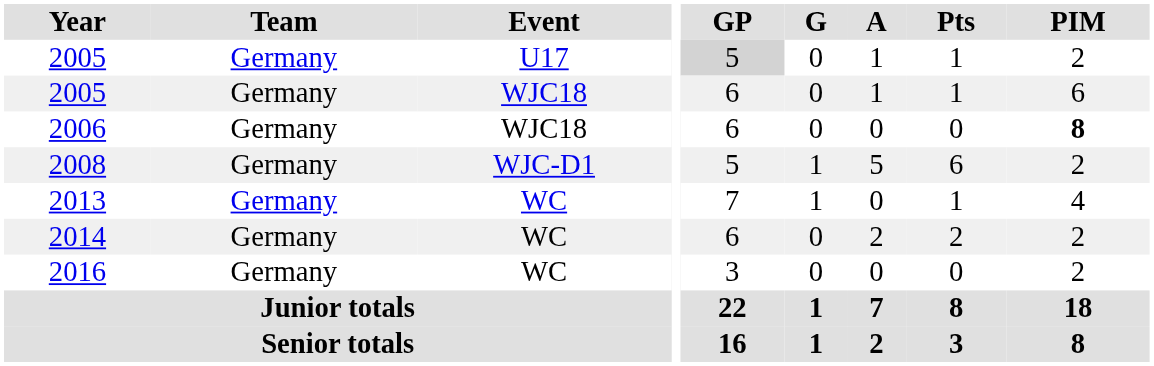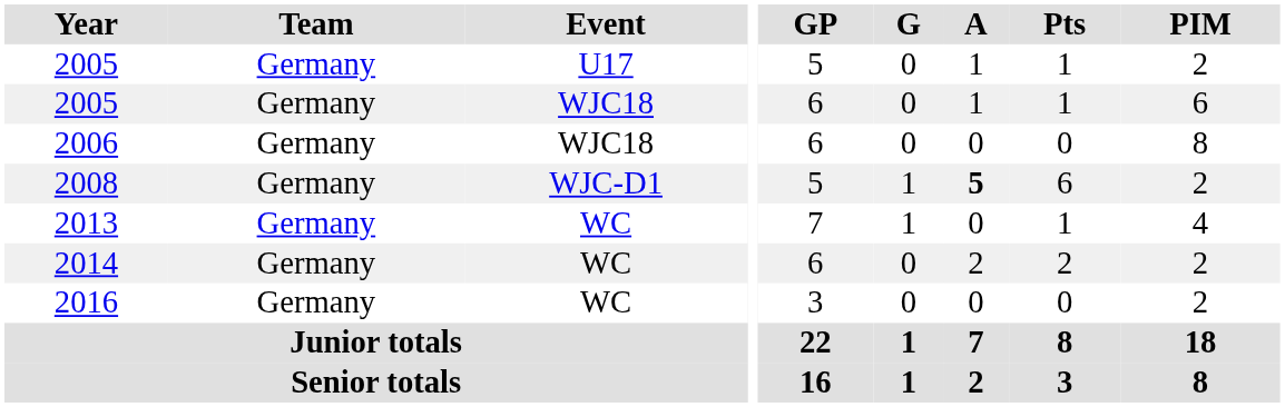 <table border="0" cellpadding="1" cellspacing="0" ID="Table3" style="text-align:center; width:40em">
 <tr ALIGN="center" bgcolor="#e0e0e0">
 <th>Year</th>
 <th>Team</th>
 <th>Event</th>
 <th rowspan="99" bgcolor="#ffffff"></th>
 <th>GP</th>
 <th>G</th>
 <th>A</th>
 <th>Pts</th>
 <th>PIM</th>
 </tr>
 <tr>
 <td><a href='#'>2005</a></td>
 <td><a href='#'>Germany</a></td>
 <td><a href='#'>U17</a></td>
-<td style="background: lightgrey;">5</td>
+<td>5</td>
 <td>0</td>
 <td>1</td>
 <td>1</td>
 <td>2</td>
 </tr>
 <tr bgcolor="#f0f0f0">
 <td><a href='#'>2005</a></td>
 <td>Germany</td>
 <td><a href='#'>WJC18</a></td>
 <td>6</td>
 <td>0</td>
 <td>1</td>
 <td>1</td>
 <td>6</td>
 </tr>
 <tr>
 <td><a href='#'>2006</a></td>
 <td>Germany</td>
 <td>WJC18</td>
 <td>6</td>
 <td>0</td>
 <td>0</td>
 <td>0</td>
-<td><strong>8</strong></td>
+<td>8</td>
 </tr>
 <tr bgcolor="#f0f0f0">
 <td><a href='#'>2008</a></td>
 <td>Germany</td>
 <td><a href='#'>WJC-D1</a></td>
 <td>5</td>
 <td>1</td>
-<td>5</td>
+<td><strong>5</strong></td>
 <td>6</td>
 <td>2</td>
 </tr>
 <tr align=center>
 <td><a href='#'>2013</a></td>
 <td><a href='#'>Germany</a></td>
 <td><a href='#'>WC</a></td>
 <td>7</td>
 <td>1</td>
 <td>0</td>
 <td>1</td>
 <td>4</td>
 </tr>
 <tr align=center  bgcolor="#f0f0f0">
 <td><a href='#'>2014</a></td>
 <td>Germany</td>
 <td>WC</td>
 <td>6</td>
 <td>0</td>
 <td>2</td>
 <td>2</td>
 <td>2</td>
 </tr>
 <tr align=center>
 <td><a href='#'>2016</a></td>
 <td>Germany</td>
 <td>WC</td>
 <td>3</td>
 <td>0</td>
 <td>0</td>
 <td>0</td>
 <td>2</td>
 </tr>
 <tr bgcolor="#e0e0e0">
 <th colspan="3">Junior totals</th>
 <th>22</th>
 <th>1</th>
 <th>7</th>
 <th>8</th>
 <th>18</th>
 </tr>
 <tr bgcolor="#e0e0e0">
 <th colspan="3">Senior totals</th>
 <th>16</th>
 <th>1</th>
 <th>2</th>
 <th>3</th>
 <th>8</th>
 </tr>
 </table>
